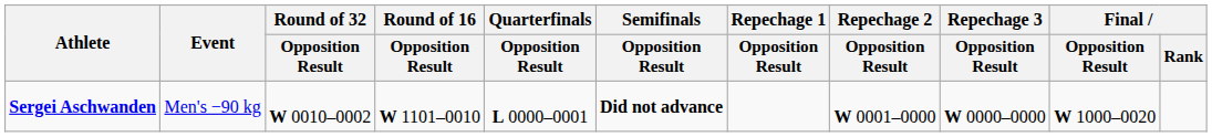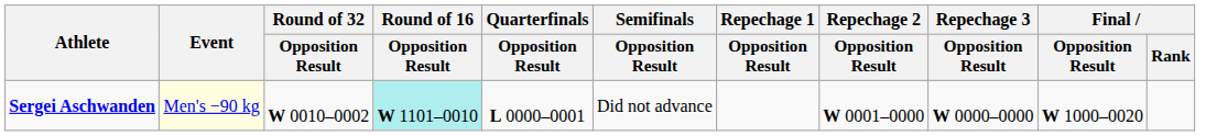 <table class="wikitable" style="font-size:90%">
 <tr>
 <th rowspan="2">Athlete</th>
 <th rowspan="2">Event</th>
 <th>Round of 32</th>
 <th>Round of 16</th>
 <th>Quarterfinals</th>
 <th>Semifinals</th>
 <th>Repechage 1</th>
 <th>Repechage 2</th>
 <th>Repechage 3</th>
 <th colspan=2>Final / </th>
 </tr>
 <tr style="font-size:95%">
 <th>Opposition<br>Result</th>
 <th>Opposition<br>Result</th>
 <th>Opposition<br>Result</th>
 <th>Opposition<br>Result</th>
 <th>Opposition<br>Result</th>
 <th>Opposition<br>Result</th>
 <th>Opposition<br>Result</th>
 <th>Opposition<br>Result</th>
 <th>Rank</th>
 </tr>
 <tr align=center>
 <td align=left><strong><a href='#'>Sergei Aschwanden</a></strong></td>
-<td align=left><a href='#'>Men's −90 kg</a></td>
+<td align=left style="background: lightyellow;"><a href='#'>Men's −90 kg</a></td>
 <td><br><strong>W</strong> 0010–0002</td>
-<td><br><strong>W</strong> 1101–0010</td>
+<td style="background: paleturquoise;"><br><strong>W</strong> 1101–0010</td>
 <td><br><strong>L</strong> 0000–0001</td>
-<td><strong>Did not advance</strong></td>
+<td>Did not advance</td>
 <td></td>
 <td><br><strong>W</strong> 0001–0000</td>
 <td><br><strong>W</strong> 0000–0000 </td>
 <td><br><strong>W</strong> 1000–0020</td>
 <td></td>
 </tr>
 </table>
